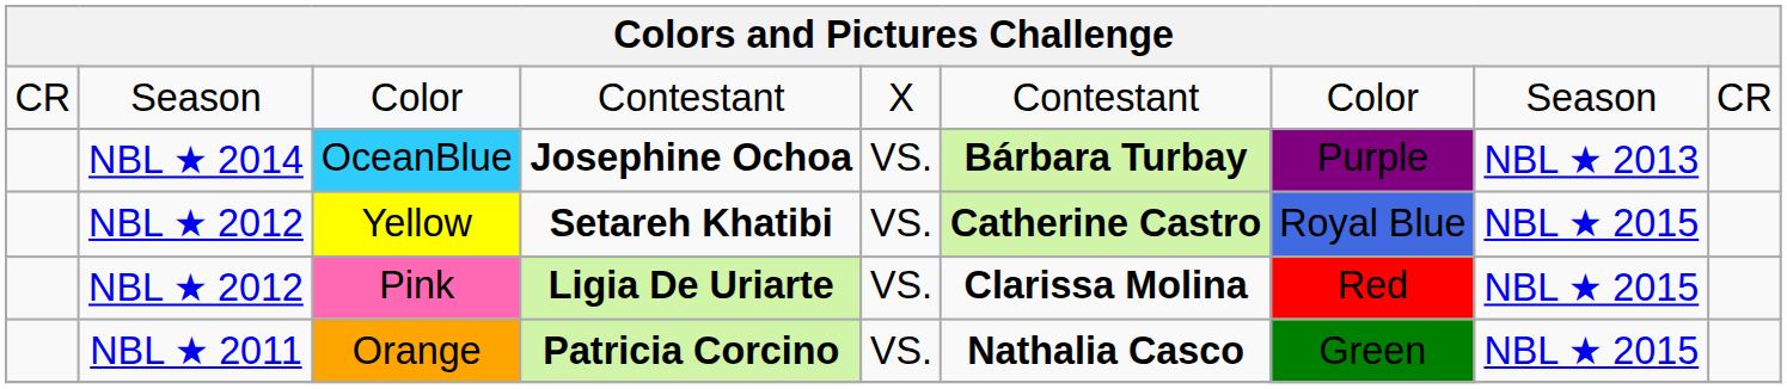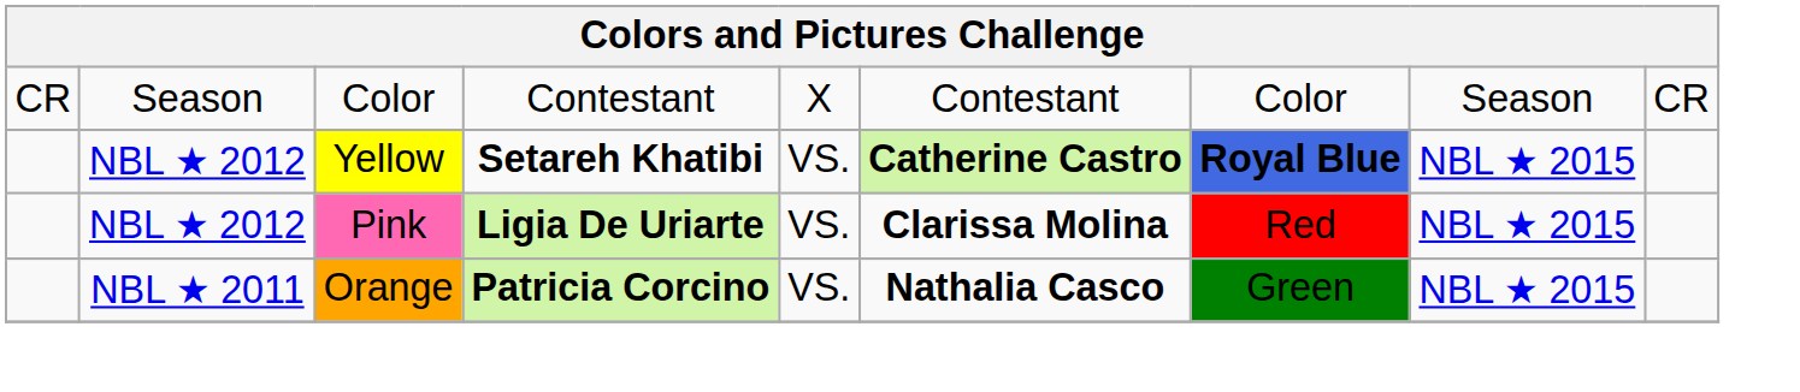 <table class="wikitable collapsible autocollapse" style="text-align:center;">
 <tr>
 <th colspan="9">Colors and Pictures Challenge</th>
 </tr>
 <tr>
 <td>CR</td>
 <td>Season</td>
 <td>Color</td>
 <td>Contestant</td>
 <td>X</td>
 <td>Contestant</td>
 <td>Color</td>
 <td>Season</td>
 <td>CR</td>
 </tr>
 <tr>
 <td></td>
-<td><a href='#'>NBL ★ 2014</a></td>
-<td style="background:#2ECCFA">OceanBlue</td>
-<td><strong>Josephine Ochoa</strong><br> </td>
-<td>VS.</td>
-<td style="background:#D0F5A9"><strong>Bárbara Turbay</strong><br> </td>
-<td style="background:Purple"><span>Purple</span></td>
-<td><a href='#'>NBL ★ 2013</a></td>
-<td></td>
-</tr>
-<tr>
-<td></td>
 <td><a href='#'>NBL ★ 2012</a></td>
 <td style="background:Yellow">Yellow</td>
 <td><strong>Setareh Khatibi</strong><br> </td>
 <td>VS.</td>
 <td style="background:#D0F5A9"><strong>Catherine Castro</strong><br> </td>
-<td style="background:RoyalBlue"><span>Royal Blue</span></td>
+<td style="background:RoyalBlue"><strong><span>Royal Blue</span></strong></td>
 <td><a href='#'>NBL ★ 2015</a></td>
 <td></td>
 </tr>
 <tr>
 <td></td>
 <td><a href='#'>NBL ★ 2012</a></td>
 <td style="background:HotPink">Pink</td>
 <td style="background:#D0F5A9"><strong>Ligia De Uriarte</strong><br> </td>
 <td>VS.</td>
 <td><strong>Clarissa Molina</strong><br> </td>
 <td style="background:Red"><span>Red</span></td>
 <td><a href='#'>NBL ★ 2015</a></td>
 <td></td>
 </tr>
 <tr>
 <td></td>
 <td><a href='#'>NBL ★ 2011</a></td>
 <td style="background:Orange">Orange</td>
 <td style="background:#D0F5A9"><strong>Patricia Corcino</strong><br></td>
 <td>VS.</td>
 <td><strong>Nathalia Casco</strong><br></td>
 <td style="background:Green"><span>Green</span></td>
 <td><a href='#'>NBL ★ 2015</a></td>
 <td></td>
 </tr>
 <tr>
 </tr>
 </table>
